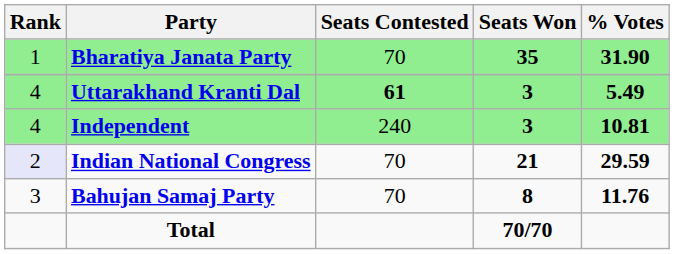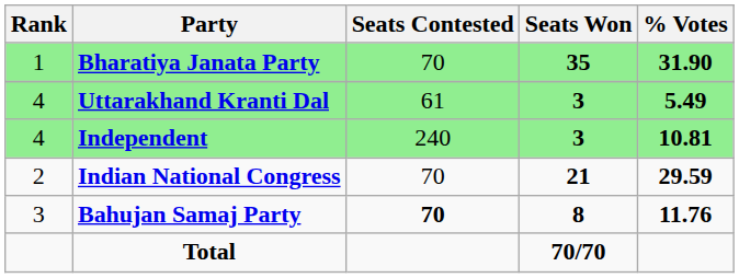 <table class="wikitable sortable" style="text-align: center;">
 <tr>
 <th align="center">Rank</th>
 <th align="center">Party</th>
 <th align="center">Seats Contested</th>
 <th align="center">Seats Won</th>
 <th align="center">% Votes</th>
 </tr>
 <tr style="background: #90EE90;">
 <td>1</td>
 <td align="left"><strong><a href='#'>Bharatiya Janata Party</a></strong></td>
 <td>70</td>
 <td><strong>35</strong></td>
 <td><strong>31.90</strong></td>
 </tr>
 <tr>
 </tr>
 <tr style="background: #90EE90;">
 <td>4</td>
 <td align="left"><strong><a href='#'>Uttarakhand Kranti Dal</a></strong></td>
-<td><strong>61</strong></td>
+<td>61</td>
 <td><strong>3</strong></td>
 <td><strong>5.49</strong></td>
 </tr>
 <tr style="background: #90EE90;">
 <td>4</td>
 <td align="left"><strong><a href='#'>Independent</a></strong></td>
 <td>240</td>
 <td><strong>3</strong></td>
 <td><strong>10.81</strong></td>
 </tr>
 <tr>
-<td style="background: lavender;">2</td>
+<td>2</td>
 <td align="left"><strong><a href='#'>Indian National Congress</a></strong></td>
 <td>70</td>
 <td><strong>21</strong></td>
 <td><strong>29.59</strong></td>
 </tr>
 <tr>
 <td>3</td>
 <td align="left"><strong><a href='#'>Bahujan Samaj Party</a></strong></td>
-<td>70</td>
+<td><strong>70</strong></td>
 <td><strong>8</strong></td>
 <td><strong>11.76</strong></td>
 </tr>
 <tr>
 <td></td>
 <td align="centre"><strong>Total </strong></td>
 <td></td>
 <td><strong>70/70</strong></td>
 <td><strong> </strong></td>
 </tr>
 </table>
